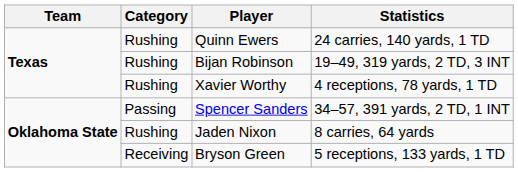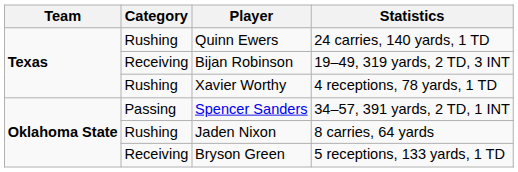 <table class="wikitable" style="float: right;">
 <tr>
 <th>Team</th>
 <th>Category</th>
 <th>Player</th>
 <th>Statistics</th>
 </tr>
 <tr>
 <td rowspan=3><strong>Texas</strong></td>
 <td>Rushing</td>
 <td>Quinn Ewers</td>
 <td>24 carries, 140 yards, 1 TD</td>
 </tr>
 <tr>
-<td>Rushing</td>
+<td>Receiving</td>
 <td>Bijan Robinson</td>
 <td>19–49, 319 yards, 2 TD, 3 INT</td>
 </tr>
 <tr>
 <td>Rushing</td>
 <td>Xavier Worthy</td>
 <td>4 receptions, 78 yards, 1 TD</td>
 </tr>
 <tr>
 <td rowspan=3><strong>Oklahoma State</strong></td>
 <td>Passing</td>
 <td><a href='#'>Spencer Sanders</a></td>
 <td>34–57, 391 yards, 2 TD, 1 INT</td>
 </tr>
 <tr>
 <td>Rushing</td>
 <td>Jaden Nixon</td>
 <td>8 carries, 64 yards</td>
 </tr>
 <tr>
 <td>Receiving</td>
 <td>Bryson Green</td>
 <td>5 receptions, 133 yards, 1 TD</td>
 </tr>
 </table>
